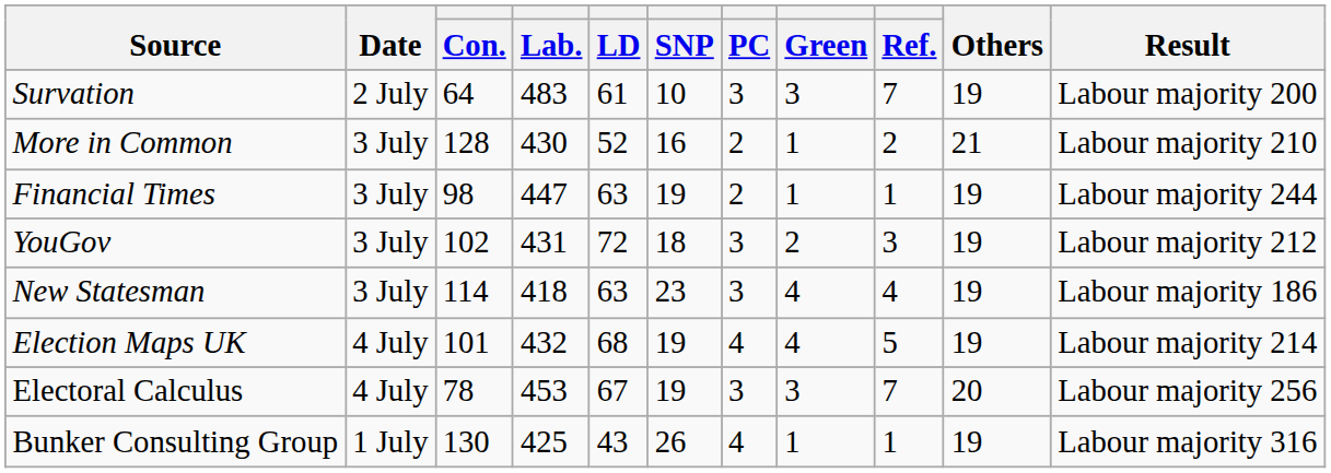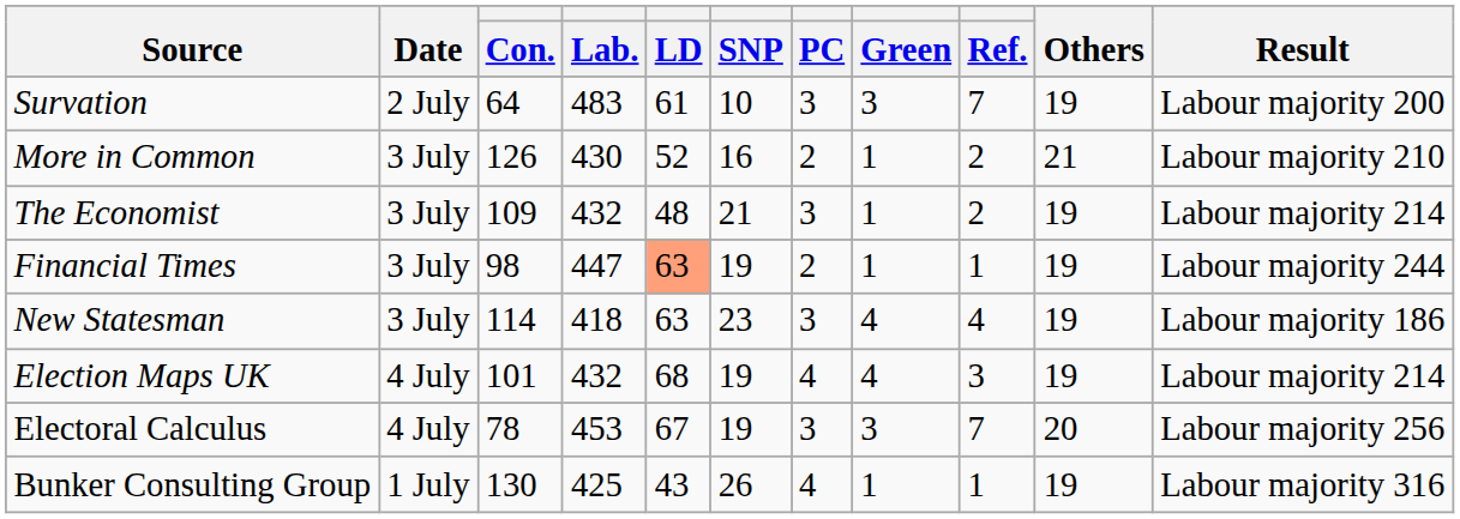 <table class="wikitable sortable mw-collapsible">
 <tr style="vertical-align:bottom;">
 <th rowspan=2>Source</th>
 <th rowspan=2>Date</th>
 <th style="background:"></th>
 <th style="background:"></th>
 <th style="background:"></th>
 <th style="background:"></th>
 <th style="background:"></th>
 <th style="background:"></th>
 <th style="background:"></th>
 <th rowspan=2>Others</th>
 <th rowspan=2>Result</th>
 </tr>
 <tr style="vertical-align:bottom;">
 <th><a href='#'>Con.</a></th>
 <th><a href='#'>Lab.</a></th>
 <th><a href='#'>LD</a></th>
 <th><a href='#'>SNP</a></th>
 <th><a href='#'>PC</a></th>
 <th><a href='#'>Green</a></th>
 <th><a href='#'>Ref.</a></th>
 </tr>
 <tr>
 <td><em>Survation</em></td>
 <td>2 July</td>
 <td>64</td>
 <td>483 </td>
 <td>61</td>
 <td>10</td>
 <td>3</td>
 <td>3</td>
 <td>7</td>
 <td>19</td>
 <td>Labour majority 200</td>
 </tr>
 <tr>
 <td><em>More in Common</em></td>
 <td>3 July</td>
-<td>128</td>
+<td>126</td>
 <td>430</td>
 <td>52</td>
 <td>16</td>
 <td>2</td>
 <td>1</td>
 <td>2</td>
 <td>21</td>
 <td>Labour majority 210</td>
 </tr>
 <tr>
+<td><em>The Economist</em></td>
+<td>3 July</td>
+<td>109</td>
+<td>432</td>
+<td>48</td>
+<td>21</td>
+<td>3</td>
+<td>1</td>
+<td>2</td>
+<td>19</td>
+<td>Labour majority 214</td>
+</tr>
+<tr>
 <td><em>Financial Times</em></td>
 <td>3 July</td>
 <td>98</td>
 <td>447</td>
-<td>63</td>
+<td style="background: lightsalmon;">63</td>
 <td>19</td>
 <td>2</td>
 <td>1</td>
 <td>1</td>
 <td>19</td>
 <td>Labour majority 244</td>
-</tr>
-<tr>
-<td><em>YouGov</em></td>
-<td>3 July</td>
-<td>102</td>
-<td>431</td>
-<td>72</td>
-<td>18</td>
-<td>3</td>
-<td>2</td>
-<td>3</td>
-<td>19</td>
-<td>Labour majority 212</td>
 </tr>
 <tr>
 <td><em>New Statesman</em></td>
 <td>3 July</td>
 <td>114</td>
 <td>418</td>
 <td>63</td>
 <td>23</td>
 <td>3</td>
 <td>4</td>
 <td>4</td>
 <td>19</td>
 <td>Labour majority 186</td>
 </tr>
 <tr>
 <td><em>Election Maps UK</em></td>
 <td>4 July</td>
 <td>101</td>
 <td>432</td>
 <td>68</td>
 <td>19</td>
 <td>4</td>
 <td>4</td>
-<td>5</td>
+<td>3</td>
 <td>19</td>
 <td>Labour majority 214</td>
 </tr>
 <tr>
 <td>Electoral Calculus</td>
 <td>4 July</td>
 <td>78</td>
 <td>453</td>
 <td>67</td>
 <td>19</td>
 <td>3</td>
 <td>3</td>
 <td>7</td>
 <td>20</td>
 <td>Labour majority 256</td>
 </tr>
 <tr>
 <td>Bunker Consulting Group</td>
 <td>1 July</td>
 <td>130</td>
 <td>425</td>
 <td>43</td>
 <td>26</td>
 <td>4</td>
 <td>1</td>
 <td>1</td>
 <td>19</td>
 <td>Labour majority 316</td>
 </tr>
 </table>
